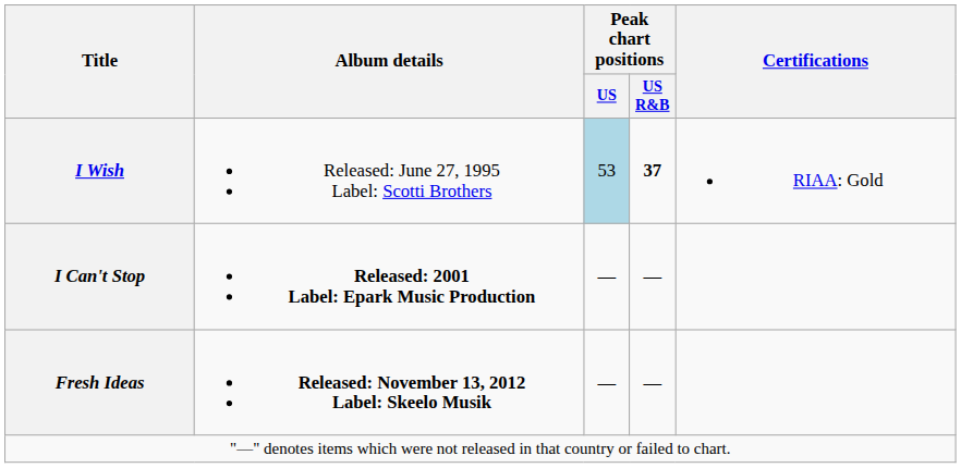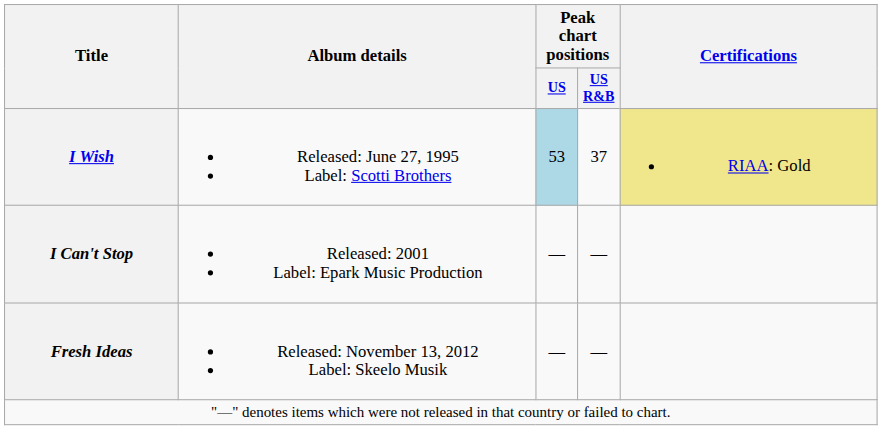 <table class="wikitable plainrowheaders" style="text-align:center;">
 <tr>
 <th scope="col" rowspan="2" style="width:10em;">Title</th>
 <th scope="col" rowspan="2" style="width:21em;">Album details</th>
 <th scope="col" colspan="2">Peak chart positions</th>
 <th scope="col" rowspan="2" style="width:15em;"><a href='#'>Certifications</a></th>
 </tr>
 <tr>
 <th scope="col" style="width:2.5em;font-size:85%;"><a href='#'>US</a><br></th>
 <th scope="col" style="width:2.5em;font-size:85%;"><a href='#'>US<br>R&B</a><br></th>
 </tr>
 <tr>
 <th scope="row"><em><a href='#'>I Wish</a></em></th>
 <td><br><ul><li>Released: June 27, 1995</li><li>Label: <a href='#'>Scotti Brothers</a></li></ul></td>
 <td style="background: lightblue;">53</td>
-<td><strong>37</strong></td>
-<td><br><ul><li><a href='#'>RIAA</a>: Gold</li></ul></td>
+<td>37</td>
+<td style="background: khaki;"><br><ul><li><a href='#'>RIAA</a>: Gold</li></ul></td>
 </tr>
 <tr>
 <th scope="row"><em>I Can't Stop</em></th>
-<td><strong><br><ul><li>Released: 2001</li><li>Label: Epark Music Production</li></ul></strong></td>
+<td><br><ul><li>Released: 2001</li><li>Label: Epark Music Production</li></ul></td>
 <td>—</td>
 <td>—</td>
 <td></td>
 </tr>
 <tr>
 <th scope="row"><em>Fresh Ideas</em></th>
-<td><strong><br><ul><li>Released: November 13, 2012</li><li>Label: Skeelo Musik</li></ul></strong></td>
+<td><br><ul><li>Released: November 13, 2012</li><li>Label: Skeelo Musik</li></ul></td>
 <td>—</td>
 <td>—</td>
 <td></td>
 </tr>
 <tr>
 <td colspan="14" style="font-size:90%">"—" denotes items which were not released in that country or failed to chart.</td>
 </tr>
 </table>
